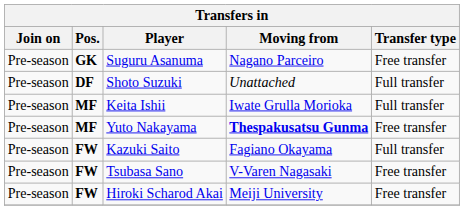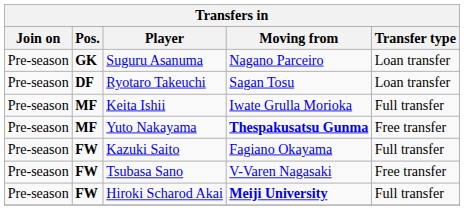 <table class="wikitable sortable" style=“text-align:left;>
 <tr>
 <th colspan="5">Transfers in</th>
 </tr>
 <tr>
 <th>Join on</th>
 <th>Pos.</th>
 <th>Player</th>
 <th>Moving from</th>
 <th>Transfer type</th>
 </tr>
 <tr>
 <td>Pre-season</td>
 <td><strong>GK</strong></td>
 <td> <a href='#'>Suguru Asanuma</a></td>
 <td> <a href='#'>Nagano Parceiro</a></td>
-<td>Free transfer</td>
+<td>Loan transfer</td>
 </tr>
 <tr>
 <td>Pre-season</td>
 <td><strong>DF</strong></td>
-<td> <a href='#'>Shoto Suzuki</a></td>
-<td><em>Unattached</em></td>
-<td>Full transfer</td>
+<td> <a href='#'>Ryotaro Takeuchi</a></td>
+<td> <a href='#'>Sagan Tosu</a></td>
+<td>Loan transfer</td>
 </tr>
 <tr>
 <td>Pre-season</td>
 <td><strong>MF</strong></td>
 <td> <a href='#'>Keita Ishii</a></td>
 <td> <a href='#'>Iwate Grulla Morioka</a></td>
 <td>Full transfer</td>
 </tr>
 <tr>
 <td>Pre-season</td>
 <td><strong>MF</strong></td>
 <td> <a href='#'>Yuto Nakayama</a></td>
 <td><strong> <a href='#'>Thespakusatsu Gunma</a></strong></td>
 <td>Free transfer</td>
 </tr>
 <tr>
 <td>Pre-season</td>
 <td><strong>FW</strong></td>
 <td> <a href='#'>Kazuki Saito</a></td>
 <td> <a href='#'>Fagiano Okayama</a></td>
 <td>Full transfer</td>
 </tr>
 <tr>
 <td>Pre-season</td>
 <td><strong>FW</strong></td>
 <td> <a href='#'>Tsubasa Sano</a></td>
 <td> <a href='#'>V-Varen Nagasaki</a></td>
 <td>Free transfer</td>
 </tr>
 <tr>
 <td>Pre-season</td>
 <td><strong>FW</strong></td>
 <td> <a href='#'>Hiroki Scharod Akai</a></td>
-<td> <a href='#'>Meiji University</a></td>
-<td>Free transfer</td>
+<td><strong> <a href='#'>Meiji University</a></strong></td>
+<td>Full transfer</td>
 </tr>
 <tr>
 </tr>
 </table>
